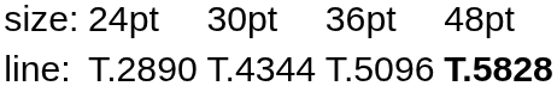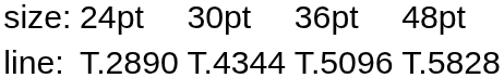 <table style="margin-left:40px;">
 <tr>
 <td>size:</td>
 <td>24pt</td>
 <td>30pt</td>
 <td>36pt</td>
 <td>48pt</td>
 </tr>
 <tr>
 <td>line:</td>
 <td>T.2890</td>
 <td>T.4344</td>
 <td>T.5096</td>
-<td><strong>T.5828</strong></td>
+<td>T.5828</td>
 </tr>
 </table>
